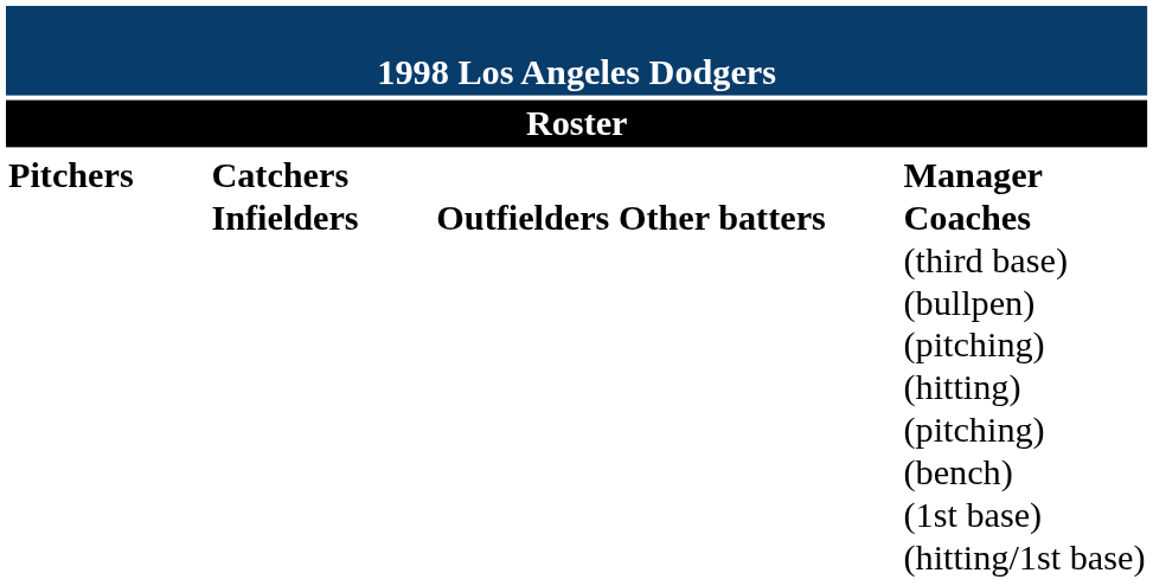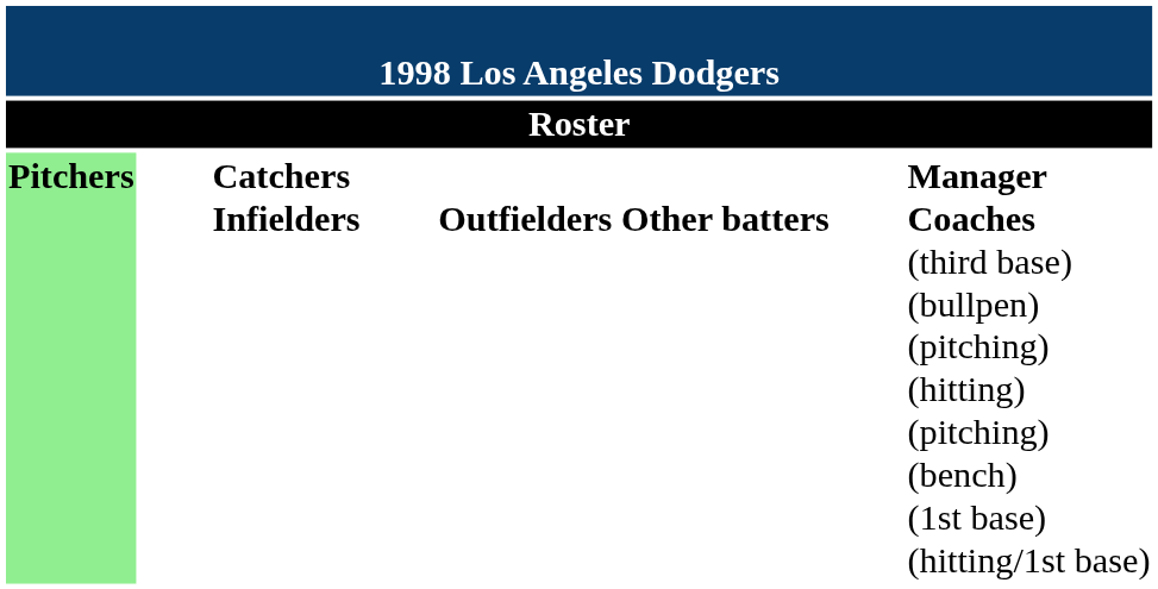 <table class="toccolours" style="font-size: 95%;">
 <tr>
 <th colspan="10" style="background-color: #083c6b; color: #FFFFFF; text-align: center;"><br>1998 Los Angeles Dodgers</th>
 </tr>
 <tr>
 <td colspan="10" style="background-color: black; color: #FFFFFF; text-align: center;"><strong>Roster</strong></td>
 </tr>
 <tr>
-<td valign="top"><strong>Pitchers</strong><br>                                          </td>
+<td valign="top" style="background: lightgreen;"><strong>Pitchers</strong><br>                                          </td>
 <td width="25px"></td>
 <td valign="top"><strong>Catchers</strong><br>     <strong>Infielders</strong>            </td>
 <td width="25px"></td>
 <td valign="top"><br><strong>Outfielders</strong>           <strong>Other batters</strong> </td>
 <td width="25px"></td>
 <td valign="top"><strong>Manager</strong><br>    <strong>Coaches</strong> <br> (third base)  <br>(bullpen) <br> (pitching)  <br>(hitting) <br> (pitching)    <br>(bench)  <br>(1st base)  <br>(hitting/1st base)</td>
 </tr>
 </table>
